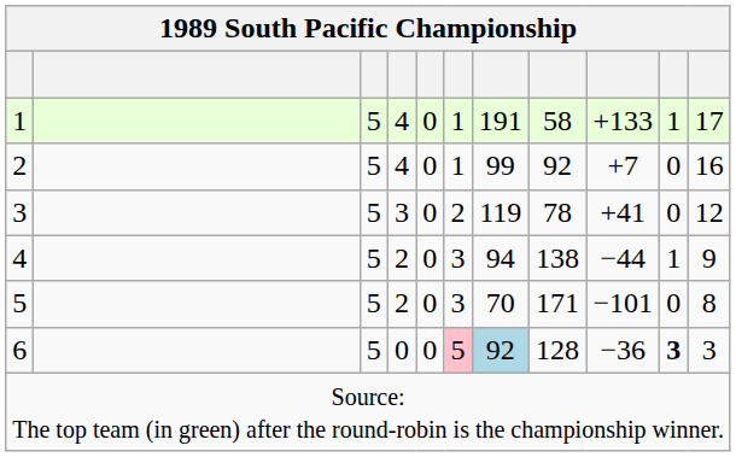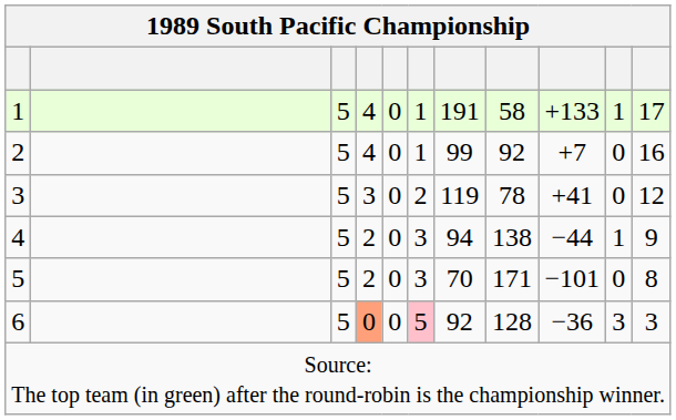 <table class="wikitable" style="text-align:center;">
 <tr>
 <th colspan="100%">1989 South Pacific Championship</th>
 </tr>
 <tr>
 <th style="padding-right:1px;"></th>
 <th style="width:10.8em;"></th>
 <th></th>
 <th></th>
 <th></th>
 <th></th>
 <th></th>
 <th></th>
 <th></th>
 <th></th>
 <th><br></th>
 </tr>
 <tr style="background:#e8ffd8;">
 <td>1</td>
 <td style=text-align:left></td>
 <td>5</td>
 <td>4</td>
 <td>0</td>
 <td>1</td>
 <td>191</td>
 <td>58</td>
 <td>+133</td>
 <td>1</td>
 <td>17</td>
 </tr>
 <tr>
 <td>2</td>
 <td style=text-align:left></td>
 <td>5</td>
 <td>4</td>
 <td>0</td>
 <td>1</td>
 <td>99</td>
 <td>92</td>
 <td>+7</td>
 <td>0</td>
 <td>16</td>
 </tr>
 <tr>
 <td>3</td>
 <td style=text-align:left></td>
 <td>5</td>
 <td>3</td>
 <td>0</td>
 <td>2</td>
 <td>119</td>
 <td>78</td>
 <td>+41</td>
 <td>0</td>
 <td>12</td>
 </tr>
 <tr>
 <td>4</td>
 <td style=text-align:left></td>
 <td>5</td>
 <td>2</td>
 <td>0</td>
 <td>3</td>
 <td>94</td>
 <td>138</td>
 <td>−44</td>
 <td>1</td>
 <td>9</td>
 </tr>
 <tr>
 <td>5</td>
 <td style=text-align:left></td>
 <td>5</td>
 <td>2</td>
 <td>0</td>
 <td>3</td>
 <td>70</td>
 <td>171</td>
 <td>−101</td>
 <td>0</td>
 <td>8</td>
 </tr>
 <tr>
 <td>6</td>
 <td style=text-align:left></td>
 <td>5</td>
-<td>0</td>
+<td style="background: lightsalmon;">0</td>
 <td>0</td>
 <td style="background: pink;">5</td>
-<td style="background: lightblue;">92</td>
+<td>92</td>
 <td>128</td>
 <td>−36</td>
-<td><strong>3</strong></td>
+<td>3</td>
 <td>3</td>
 </tr>
 <tr>
 <td colspan="100%" style="border:0;"><small>Source: <br>The top team <span>(in green)</span> after the round-robin is the championship winner.</small></td>
 </tr>
 </table>
